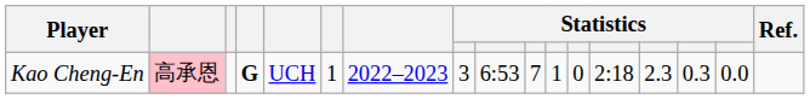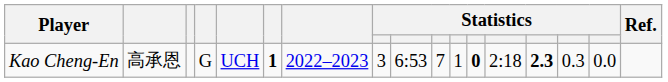 <table class="wikitable sortable" style="font-size:95%; text-align:right;">
 <tr>
 <th rowspan="2">Player</th>
 <th rowspan="2"></th>
 <th rowspan="2"></th>
 <th rowspan="2"></th>
 <th rowspan="2"></th>
 <th rowspan="2"></th>
 <th rowspan="2"></th>
 <th colspan="9">Statistics</th>
 <th rowspan="2">Ref.</th>
 </tr>
 <tr>
 <th></th>
 <th></th>
 <th></th>
 <th></th>
 <th></th>
 <th></th>
 <th></th>
 <th></th>
 <th></th>
 </tr>
 <tr>
 <td align="left"><em>Kao Cheng-En</em></td>
-<td align="left" style="background: pink;">高承恩</td>
+<td align="left">高承恩</td>
 <td align="center"></td>
-<td align="center"><strong>G</strong></td>
+<td align="center">G</td>
 <td align="left"><a href='#'>UCH</a></td>
-<td align="center">1</td>
+<td align="center"><strong>1</strong></td>
 <td align="center"><a href='#'>2022–2023</a></td>
 <td>3</td>
 <td>6:53</td>
 <td>7</td>
 <td>1</td>
-<td>0</td>
+<td><strong>0</strong></td>
 <td>2:18</td>
-<td>2.3</td>
+<td><strong>2.3</strong></td>
 <td>0.3</td>
 <td>0.0</td>
 <td align="center"></td>
 </tr>
 </table>
